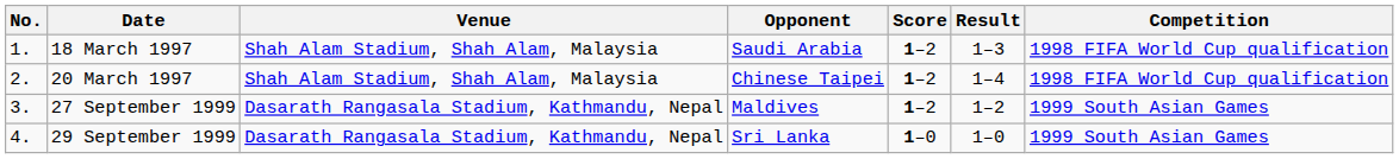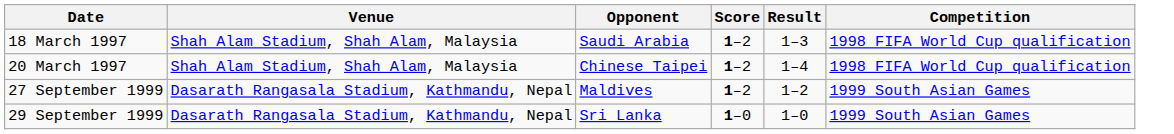 <table class="wikitable plainrowheaders sortable">
 <tr>
-<th scope="col">No.</th>
 <th scope="col">Date</th>
 <th scope="col">Venue</th>
 <th scope="col">Opponent</th>
 <th scope="col">Score</th>
 <th scope="col">Result</th>
 <th scope="col">Competition</th>
 </tr>
 <tr>
-<td>1.</td>
 <td>18 March 1997</td>
 <td><a href='#'>Shah Alam Stadium</a>, <a href='#'>Shah Alam</a>, Malaysia</td>
 <td> <a href='#'>Saudi Arabia</a></td>
 <td style="text-align: center"><strong>1</strong>–2</td>
 <td style="text-align: center">1–3</td>
 <td><a href='#'>1998 FIFA World Cup qualification</a></td>
 </tr>
 <tr>
-<td>2.</td>
 <td>20 March 1997</td>
 <td><a href='#'>Shah Alam Stadium</a>, <a href='#'>Shah Alam</a>, Malaysia</td>
 <td> <a href='#'>Chinese Taipei</a></td>
 <td style="text-align: center"><strong>1</strong>–2</td>
 <td style="text-align: center">1–4</td>
 <td><a href='#'>1998 FIFA World Cup qualification</a></td>
 </tr>
 <tr>
-<td>3.</td>
 <td>27 September 1999</td>
 <td><a href='#'>Dasarath Rangasala Stadium</a>, <a href='#'>Kathmandu</a>, Nepal</td>
 <td> <a href='#'>Maldives</a></td>
 <td style="text-align: center"><strong>1</strong>–2</td>
 <td style="text-align: center">1–2</td>
 <td><a href='#'>1999 South Asian Games</a></td>
 </tr>
 <tr>
-<td>4.</td>
 <td>29 September 1999</td>
 <td><a href='#'>Dasarath Rangasala Stadium</a>, <a href='#'>Kathmandu</a>, Nepal</td>
 <td> <a href='#'>Sri Lanka</a></td>
 <td style="text-align: center"><strong>1</strong>–0</td>
 <td style="text-align: center">1–0</td>
 <td><a href='#'>1999 South Asian Games</a></td>
 </tr>
 </table>
